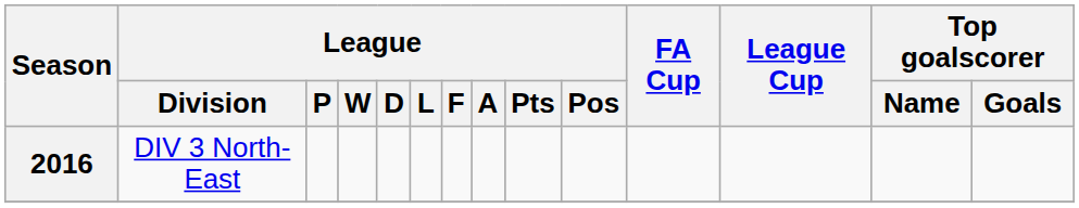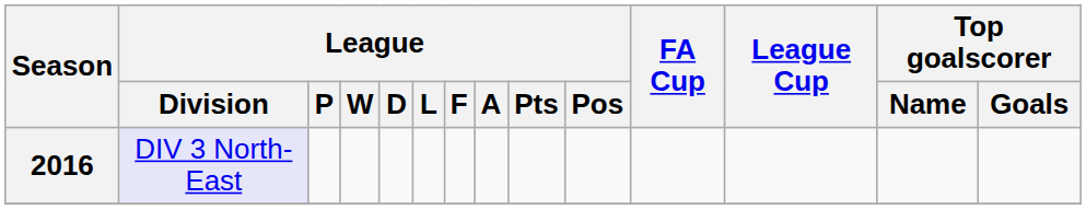 <table class="wikitable" style="text-align: center">
 <tr>
 <th rowspan=2>Season</th>
 <th colspan=9>League</th>
 <th rowspan=2><a href='#'>FA Cup</a></th>
 <th rowspan=2><a href='#'>League Cup</a></th>
 <th colspan=2>Top goalscorer</th>
 </tr>
 <tr>
 <th>Division</th>
 <th>P</th>
 <th>W</th>
 <th>D</th>
 <th>L</th>
 <th>F</th>
 <th>A</th>
 <th>Pts</th>
 <th>Pos</th>
 <th>Name</th>
 <th>Goals</th>
 </tr>
 <tr>
 <th>2016</th>
-<td><a href='#'>DIV 3 North-East</a></td>
+<td style="background: lavender;"><a href='#'>DIV 3 North-East</a></td>
 <td></td>
 <td></td>
 <td></td>
 <td></td>
 <td></td>
 <td></td>
 <td></td>
 <td></td>
 <td></td>
 <td></td>
 <td></td>
 <td></td>
 </tr>
 <tr>
 </tr>
 </table>
